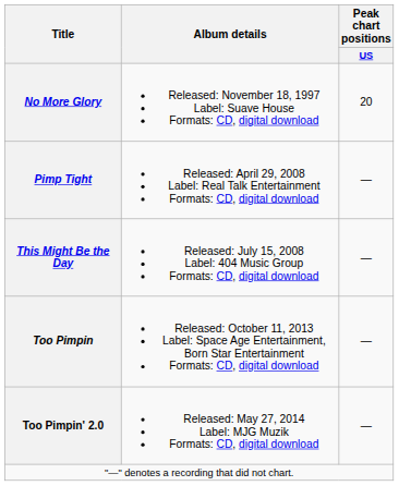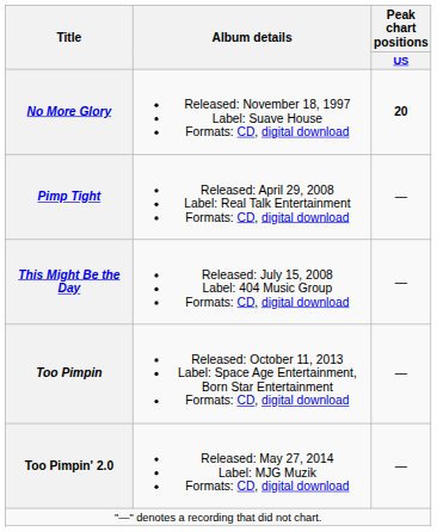 <table class="wikitable plainrowheaders" style="text-align:center;">
 <tr>
 <th scope="col" rowspan="2" style="width:10em;">Title</th>
 <th scope="col" rowspan="2" style="width:19em;">Album details</th>
 <th scope="col">Peak chart positions</th>
 </tr>
 <tr>
 <th scope="col" style="width:3em;font-size:90%;"><a href='#'>US</a></th>
 </tr>
 <tr>
 <th scope="row"><em><a href='#'>No More Glory</a></em></th>
 <td><br><ul><li>Released: November 18, 1997</li><li>Label: Suave House</li><li>Formats: <a href='#'>CD</a>, <a href='#'>digital download</a></li></ul></td>
-<td>20</td>
+<td><strong>20</strong></td>
 </tr>
 <tr>
 <th scope="row"><em><a href='#'>Pimp Tight</a></em></th>
 <td><br><ul><li>Released: April 29, 2008</li><li>Label: Real Talk Entertainment</li><li>Formats: <a href='#'>CD</a>, <a href='#'>digital download</a></li></ul></td>
 <td>—</td>
 </tr>
 <tr>
 <th scope="row"><em><a href='#'>This Might Be the Day</a></em></th>
 <td><br><ul><li>Released: July 15, 2008</li><li>Label: 404 Music Group</li><li>Formats: <a href='#'>CD</a>, <a href='#'>digital download</a></li></ul></td>
 <td>—</td>
 </tr>
 <tr>
 <th scope="row"><em>Too Pimpin<strong></th>
 <td><br><ul><li>Released: October 11, 2013</li><li>Label: Space Age Entertainment, Born Star Entertainment</li><li>Formats: <a href='#'>CD</a>, <a href='#'>digital download</a></li></ul></td>
 <td>—</td>
 </tr>
 <tr>
 <th scope="row"></em>Too Pimpin' 2.0<em></th>
 <td><br><ul><li>Released: May 27, 2014</li><li>Label: MJG Muzik</li><li>Formats: <a href='#'>CD</a>, <a href='#'>digital download</a></li></ul></td>
 <td>—</td>
 </tr>
 <tr>
 <td colspan="12" style="font-size:90%">"—" denotes a recording that did not chart.</td>
 </tr>
 </table>
